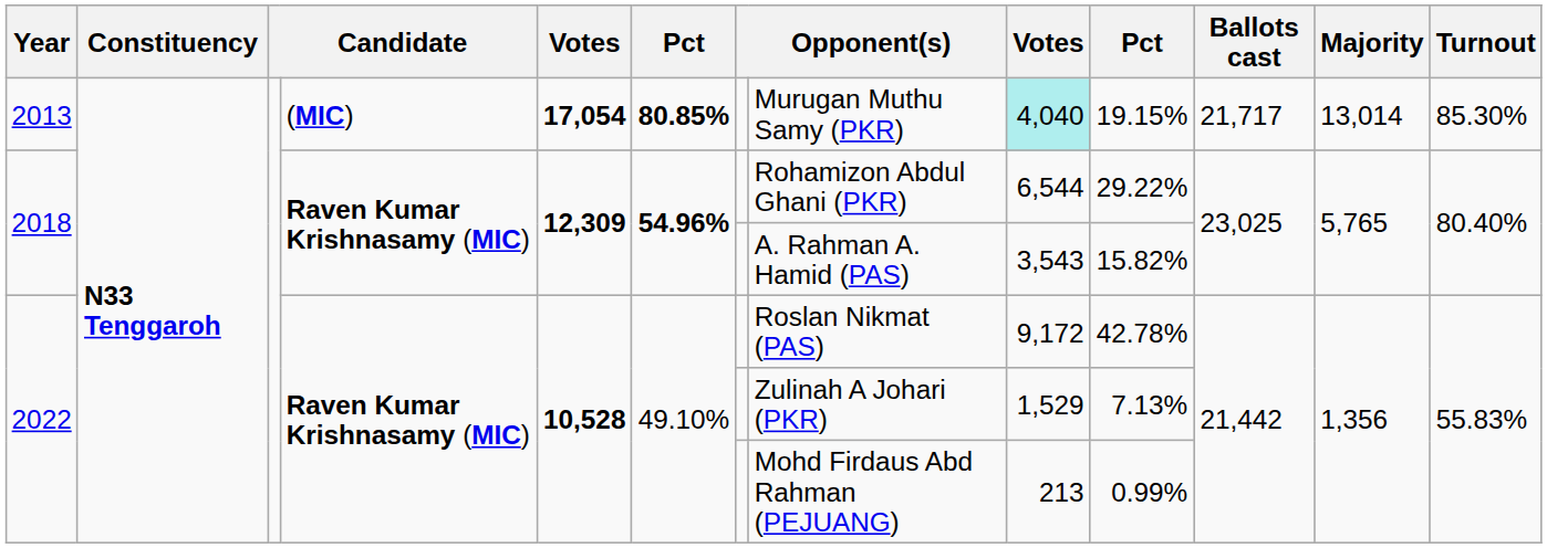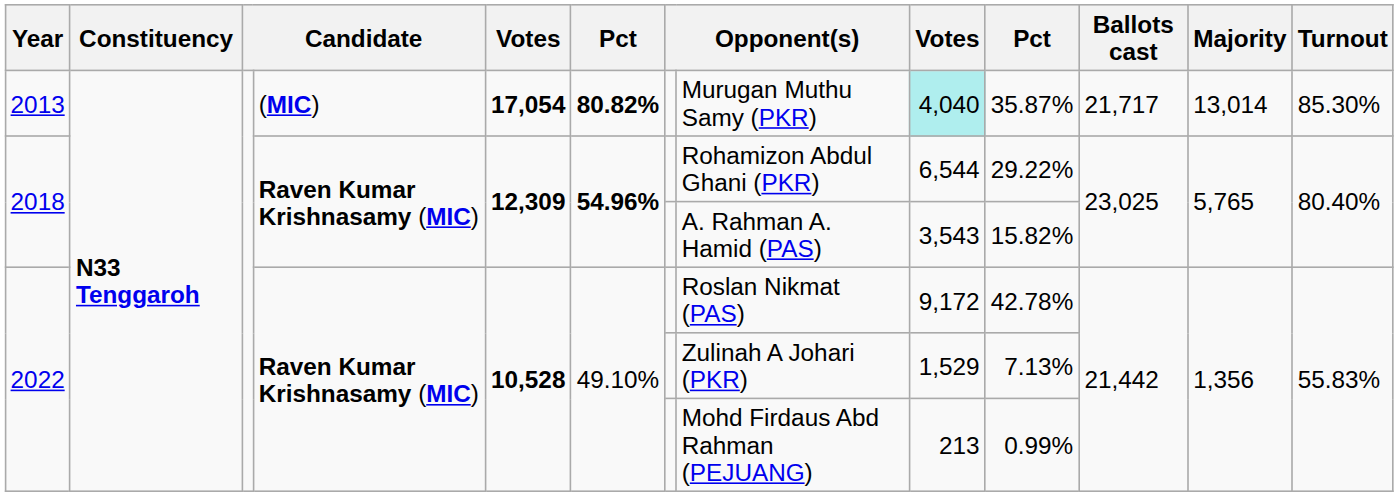 <table class="wikitable" style="margin:0.5em ; font-size:95%">
 <tr>
 <th>Year</th>
 <th>Constituency</th>
 <th colspan=2>Candidate</th>
 <th>Votes</th>
 <th>Pct</th>
 <th colspan=2>Opponent(s)</th>
 <th>Votes</th>
 <th>Pct</th>
 <th>Ballots cast</th>
 <th>Majority</th>
 <th>Turnout</th>
 </tr>
 <tr>
 <td><a href='#'>2013</a></td>
 <td rowspan="6"><strong>N33 <a href='#'>Tenggaroh</a></strong></td>
 <td rowspan="6" ></td>
 <td> (<a href='#'><strong>MIC</strong></a>)</td>
 <td align="right"><strong>17,054</strong></td>
-<td><strong>80.85%</strong></td>
+<td><strong>80.82%</strong></td>
 <td></td>
 <td>Murugan Muthu Samy (<a href='#'>PKR</a>)</td>
 <td align="right" style="background: paleturquoise;">4,040</td>
-<td>19.15%</td>
+<td>35.87%</td>
 <td>21,717</td>
 <td>13,014</td>
 <td>85.30%</td>
 </tr>
 <tr>
 <td rowspan=2><a href='#'>2018</a></td>
 <td rowspan=2><strong>Raven Kumar Krishnasamy</strong> (<a href='#'><strong>MIC</strong></a>)</td>
 <td rowspan=2 align="right"><strong>12,309</strong></td>
 <td rowspan=2><strong>54.96%</strong></td>
 <td></td>
 <td>Rohamizon Abdul Ghani (<a href='#'>PKR</a>)</td>
 <td align="right">6,544</td>
 <td>29.22%</td>
 <td rowspan=2>23,025</td>
 <td rowspan=2>5,765</td>
 <td rowspan=2>80.40%</td>
 </tr>
 <tr>
 <td></td>
 <td>A. Rahman A. Hamid (<a href='#'>PAS</a>)</td>
 <td align="right">3,543</td>
 <td>15.82%</td>
 </tr>
 <tr>
 <td rowspan="3"><a href='#'>2022</a></td>
 <td rowspan="3"><strong>Raven Kumar Krishnasamy</strong> (<a href='#'><strong>MIC</strong></a>)</td>
 <td rowspan="3" align=right><strong>10,528</strong></td>
 <td rowspan="3">49.10%</td>
 <td></td>
 <td>Roslan Nikmat (<a href='#'>PAS</a>)</td>
 <td align=right>9,172</td>
 <td>42.78%</td>
 <td rowspan="3">21,442</td>
 <td rowspan="3">1,356</td>
 <td rowspan="3">55.83%</td>
 </tr>
 <tr>
 <td></td>
 <td>Zulinah A Johari (<a href='#'>PKR</a>)</td>
 <td align=right>1,529</td>
 <td align=right>7.13%</td>
 </tr>
 <tr>
 <td></td>
 <td>Mohd Firdaus Abd Rahman (<a href='#'>PEJUANG</a>)</td>
 <td align=right>213</td>
 <td align=right>0.99%</td>
 </tr>
 </table>
